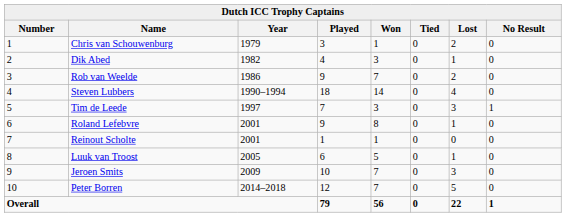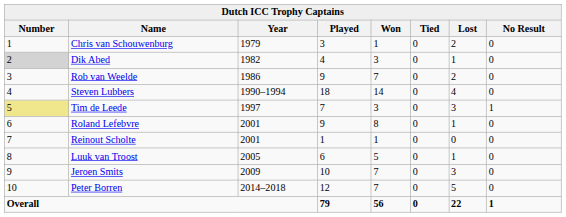 <table class="wikitable" style="width:70%;">
 <tr>
 <th style="background:#efefef;" colspan="9">Dutch ICC Trophy Captains</th>
 </tr>
 <tr style="background:#efefef;">
 <th>Number</th>
 <th>Name</th>
 <th>Year</th>
 <th>Played</th>
 <th>Won</th>
 <th>Tied</th>
 <th>Lost</th>
 <th>No Result</th>
 </tr>
 <tr>
 <td>1</td>
 <td><a href='#'>Chris van Schouwenburg</a></td>
 <td>1979</td>
 <td>3</td>
 <td>1</td>
 <td>0</td>
 <td>2</td>
 <td>0</td>
 </tr>
 <tr>
-<td>2</td>
+<td style="background: lightgrey;">2</td>
 <td><a href='#'>Dik Abed</a></td>
 <td>1982</td>
 <td>4</td>
 <td>3</td>
 <td>0</td>
 <td>1</td>
 <td>0</td>
 </tr>
 <tr>
 <td>3</td>
 <td><a href='#'>Rob van Weelde</a></td>
 <td>1986</td>
 <td>9</td>
 <td>7</td>
 <td>0</td>
 <td>2</td>
 <td>0</td>
 </tr>
 <tr>
 <td>4</td>
 <td><a href='#'>Steven Lubbers</a></td>
 <td>1990–1994</td>
 <td>18</td>
 <td>14</td>
 <td>0</td>
 <td>4</td>
 <td>0</td>
 </tr>
 <tr>
-<td>5</td>
+<td style="background: khaki;">5</td>
 <td><a href='#'>Tim de Leede</a></td>
 <td>1997</td>
 <td>7</td>
 <td>3</td>
 <td>0</td>
 <td>3</td>
 <td>1</td>
 </tr>
 <tr>
 <td>6</td>
 <td><a href='#'>Roland Lefebvre</a></td>
 <td>2001</td>
 <td>9</td>
 <td>8</td>
 <td>0</td>
 <td>1</td>
 <td>0</td>
 </tr>
 <tr>
 <td>7</td>
 <td><a href='#'>Reinout Scholte</a></td>
 <td>2001</td>
 <td>1</td>
 <td>1</td>
 <td>0</td>
 <td>0</td>
 <td>0</td>
 </tr>
 <tr>
 <td>8</td>
 <td><a href='#'>Luuk van Troost</a></td>
 <td>2005</td>
 <td>6</td>
 <td>5</td>
 <td>0</td>
 <td>1</td>
 <td>0</td>
 </tr>
 <tr>
 <td>9</td>
 <td><a href='#'>Jeroen Smits</a></td>
 <td>2009</td>
 <td>10</td>
 <td>7</td>
 <td>0</td>
 <td>3</td>
 <td>0</td>
 </tr>
 <tr>
 <td>10</td>
 <td><a href='#'>Peter Borren</a></td>
 <td>2014–2018</td>
 <td>12</td>
 <td>7</td>
 <td>0</td>
 <td>5</td>
 <td>0</td>
 </tr>
 <tr>
 <td colspan="3"><strong>Overall</strong></td>
 <td><strong>79</strong></td>
 <td><strong>56</strong></td>
 <td><strong>0</strong></td>
 <td><strong>22</strong></td>
 <td><strong>1</strong></td>
 </tr>
 </table>
